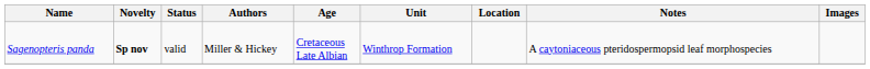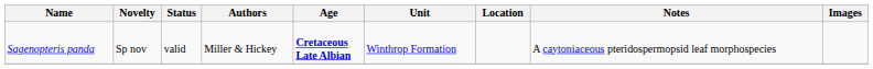 <table class="wikitable sortable" align="center" width="100%">
 <tr>
 <th>Name</th>
 <th>Novelty</th>
 <th>Status</th>
 <th>Authors</th>
 <th>Age</th>
 <th>Unit</th>
 <th>Location</th>
 <th>Notes</th>
 <th>Images</th>
 </tr>
 <tr>
 <td><br><em><a href='#'>Sagenopteris panda</a></em></td>
-<td><strong><br>Sp nov</strong></td>
+<td><br>Sp nov</td>
 <td><br>valid</td>
 <td><br>Miller & Hickey</td>
-<td><br><a href='#'>Cretaceous</a><br><a href='#'>Late Albian</a></td>
+<td><strong><br><a href='#'>Cretaceous</a><br><a href='#'>Late Albian</a></strong></td>
 <td><br><a href='#'>Winthrop Formation</a></td>
 <td><br><br></td>
 <td><br>A <a href='#'>caytoniaceous</a> pteridospermopsid leaf morphospecies</td>
 <td></td>
 </tr>
 <tr>
 </tr>
 </table>
